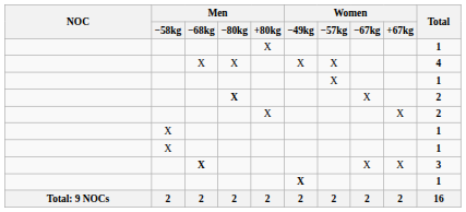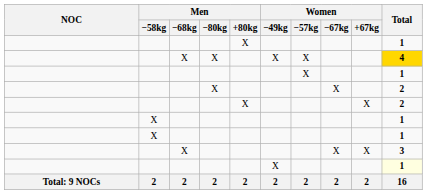 <table class="wikitable" style="text-align:center; font-size:90%">
 <tr>
 <th rowspan="2" width=200 align="left">NOC</th>
 <th colspan="4">Men</th>
 <th colspan="4">Women</th>
 <th width=55 rowspan="2">Total</th>
 </tr>
 <tr>
 <th width=40>−58kg</th>
 <th width=40>−68kg</th>
 <th width=40>−80kg</th>
 <th width=40>+80kg</th>
 <th width=40>−49kg</th>
 <th width=40>−57kg</th>
 <th width=40>−67kg</th>
 <th width=40>+67kg</th>
 </tr>
 <tr>
 <td align=left></td>
 <td></td>
 <td></td>
 <td></td>
 <td>X</td>
 <td></td>
 <td></td>
 <td></td>
 <td></td>
 <td><strong>1</strong></td>
 </tr>
 <tr>
 <td align=left></td>
 <td></td>
 <td>X</td>
 <td>X</td>
 <td></td>
 <td>X</td>
 <td>X</td>
 <td></td>
 <td></td>
-<td><strong>4</strong></td>
+<td style="background: gold;"><strong>4</strong></td>
 </tr>
 <tr>
 <td align=left></td>
 <td></td>
 <td></td>
 <td></td>
 <td></td>
 <td></td>
 <td>X</td>
 <td></td>
 <td></td>
 <td><strong>1</strong></td>
 </tr>
 <tr>
 <td align=left></td>
 <td></td>
 <td></td>
-<td><strong>X</strong></td>
+<td>X</td>
 <td></td>
 <td></td>
 <td></td>
 <td>X</td>
 <td></td>
 <td><strong>2</strong></td>
 </tr>
 <tr>
 <td align=left></td>
 <td></td>
 <td></td>
 <td></td>
 <td>X</td>
 <td></td>
 <td></td>
 <td></td>
 <td>X</td>
 <td><strong>2</strong></td>
 </tr>
 <tr>
 <td align=left></td>
 <td>X</td>
 <td></td>
 <td></td>
 <td></td>
 <td></td>
 <td></td>
 <td></td>
 <td></td>
 <td><strong>1</strong></td>
 </tr>
 <tr>
 <td align=left></td>
 <td>X</td>
 <td></td>
 <td></td>
 <td></td>
 <td></td>
 <td></td>
 <td></td>
 <td></td>
 <td><strong>1</strong></td>
 </tr>
 <tr>
 <td align=left></td>
 <td></td>
-<td><strong>X</strong></td>
+<td>X</td>
 <td></td>
 <td></td>
 <td></td>
 <td></td>
 <td>X</td>
 <td>X</td>
 <td><strong>3</strong></td>
 </tr>
 <tr>
 <td align=left></td>
 <td></td>
 <td></td>
 <td></td>
 <td></td>
-<td><strong>X</strong></td>
+<td>X</td>
 <td></td>
 <td></td>
 <td></td>
-<td><strong>1</strong></td>
+<td style="background: lightyellow;"><strong>1</strong></td>
 </tr>
 <tr>
 <th>Total: 9 NOCs</th>
 <th>2</th>
 <th>2</th>
 <th>2</th>
 <th>2</th>
 <th>2</th>
 <th>2</th>
 <th>2</th>
 <th>2</th>
 <th>16</th>
 </tr>
 </table>
